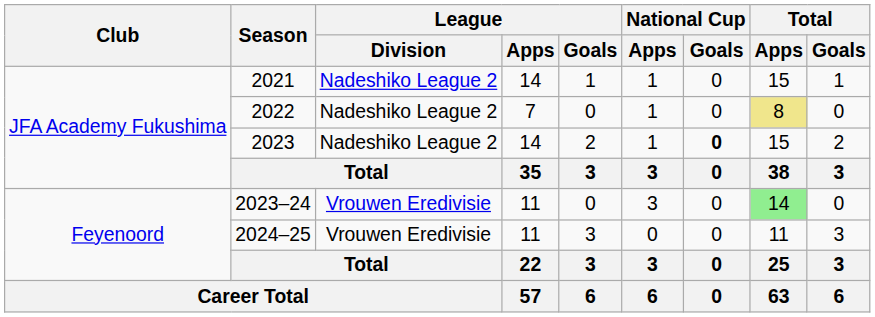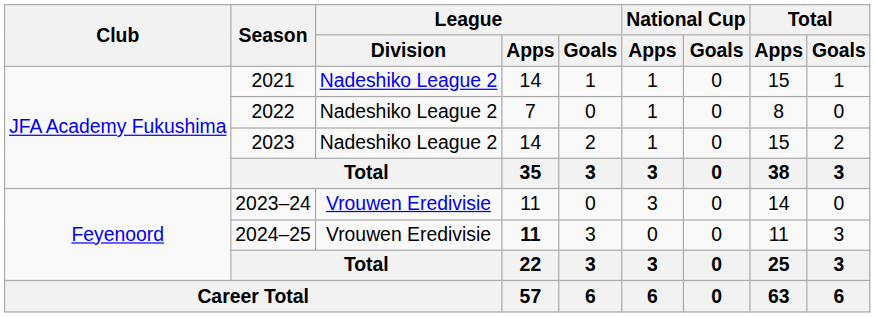 <table class="wikitable" style="text-align:center">
 <tr>
 <th rowspan="2">Club</th>
 <th rowspan="2">Season</th>
 <th colspan="3">League</th>
 <th colspan="2">National Cup</th>
 <th colspan="2">Total</th>
 </tr>
 <tr>
 <th>Division</th>
 <th>Apps</th>
 <th>Goals</th>
 <th>Apps</th>
 <th>Goals</th>
 <th>Apps</th>
 <th>Goals</th>
 </tr>
 <tr>
 <td rowspan="4"><a href='#'>JFA Academy Fukushima</a></td>
 <td>2021</td>
 <td><a href='#'>Nadeshiko League 2</a></td>
 <td>14</td>
 <td>1</td>
 <td>1</td>
 <td>0</td>
 <td>15</td>
 <td>1</td>
 </tr>
 <tr>
 <td>2022</td>
 <td>Nadeshiko League 2</td>
 <td>7</td>
 <td>0</td>
 <td>1</td>
 <td>0</td>
-<td style="background: khaki;">8</td>
+<td>8</td>
 <td>0</td>
 </tr>
 <tr>
 <td>2023</td>
 <td>Nadeshiko League 2</td>
 <td>14</td>
 <td>2</td>
 <td>1</td>
-<td><strong>0</strong></td>
+<td>0</td>
 <td>15</td>
 <td>2</td>
 </tr>
 <tr>
 <th colspan="2">Total</th>
 <th>35</th>
 <th>3</th>
 <th>3</th>
 <th>0</th>
 <th>38</th>
 <th>3</th>
 </tr>
 <tr>
 <td rowspan="3"><a href='#'>Feyenoord</a></td>
 <td>2023–24</td>
 <td><a href='#'>Vrouwen Eredivisie</a></td>
 <td>11</td>
 <td>0</td>
 <td>3</td>
 <td>0</td>
-<td style="background: lightgreen;">14</td>
+<td>14</td>
 <td>0</td>
 </tr>
 <tr>
 <td>2024–25</td>
 <td>Vrouwen Eredivisie</td>
-<td>11</td>
+<td><strong>11</strong></td>
 <td>3</td>
 <td>0</td>
 <td>0</td>
 <td>11</td>
 <td>3</td>
 </tr>
 <tr>
 <th colspan="2">Total</th>
 <th>22</th>
 <th>3</th>
 <th>3</th>
 <th>0</th>
 <th>25</th>
 <th>3</th>
 </tr>
 <tr>
 <th colspan="3">Career Total</th>
 <th>57</th>
 <th>6</th>
 <th>6</th>
 <th>0</th>
 <th>63</th>
 <th>6</th>
 </tr>
 </table>
